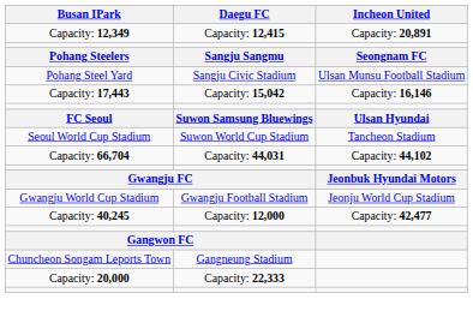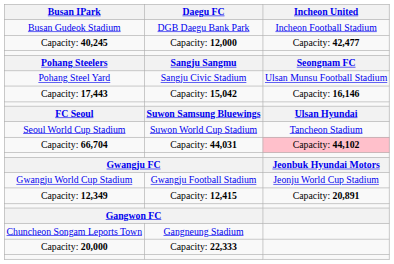 <table class="wikitable" style="text-align:center">
 <tr>
 <th><a href='#'>Busan IPark</a></th>
 <th><a href='#'>Daegu FC</a></th>
 <th><a href='#'>Incheon United</a></th>
 </tr>
 <tr>
-<td>Capacity: <strong>12,349</strong></td>
-<td>Capacity: <strong>12,415</strong></td>
-<td>Capacity: <strong>20,891</strong></td>
+<td><a href='#'>Busan Gudeok Stadium</a></td>
+<td><a href='#'>DGB Daegu Bank Park</a></td>
+<td><a href='#'>Incheon Football Stadium</a></td>
+</tr>
+<tr>
+<td>Capacity: <strong>40,245</strong></td>
+<td>Capacity: <strong>12,000</strong></td>
+<td>Capacity: <strong>42,477</strong></td>
 </tr>
 <tr>
 <td></td>
 <td></td>
 <td></td>
 </tr>
 <tr>
 <th><a href='#'>Pohang Steelers</a></th>
 <th><a href='#'>Sangju Sangmu</a></th>
 <th><a href='#'>Seongnam FC</a></th>
 </tr>
 <tr>
 <td><a href='#'>Pohang Steel Yard</a></td>
 <td><a href='#'>Sangju Civic Stadium</a></td>
 <td><a href='#'>Ulsan Munsu Football Stadium</a></td>
 </tr>
 <tr>
 <td>Capacity: <strong>17,443</strong></td>
 <td>Capacity: <strong>15,042</strong></td>
 <td>Capacity: <strong>16,146</strong></td>
 </tr>
 <tr>
 <td></td>
 <td></td>
 <td></td>
 </tr>
 <tr>
 <th><a href='#'>FC Seoul</a></th>
 <th><a href='#'>Suwon Samsung Bluewings</a></th>
 <th><a href='#'>Ulsan Hyundai</a></th>
 </tr>
 <tr>
 <td><a href='#'>Seoul World Cup Stadium</a></td>
 <td><a href='#'>Suwon World Cup Stadium</a></td>
 <td><a href='#'>Tancheon Stadium</a></td>
 </tr>
 <tr>
 <td>Capacity: <strong>66,704</strong></td>
 <td>Capacity: <strong>44,031</strong></td>
-<td>Capacity: <strong>44,102</strong></td>
+<td style="background: pink;">Capacity: <strong>44,102</strong></td>
 </tr>
 <tr>
 <td></td>
 <td></td>
 <td></td>
 </tr>
 <tr>
 <th colspan="2'"><a href='#'>Gwangju FC</a></th>
 <th><a href='#'>Jeonbuk Hyundai Motors</a></th>
 </tr>
 <tr>
 <td><a href='#'>Gwangju World Cup Stadium</a></td>
 <td><a href='#'>Gwangju Football Stadium</a></td>
 <td><a href='#'>Jeonju World Cup Stadium</a></td>
 </tr>
 <tr>
-<td>Capacity: <strong>40,245</strong></td>
-<td>Capacity: <strong>12,000</strong></td>
-<td>Capacity: <strong>42,477</strong></td>
+<td>Capacity: <strong>12,349</strong></td>
+<td>Capacity: <strong>12,415</strong></td>
+<td>Capacity: <strong>20,891</strong></td>
 </tr>
 <tr>
 <td></td>
 <td></td>
 <td></td>
 </tr>
 <tr>
 <th colspan="2"><a href='#'>Gangwon FC</a></th>
 <th></th>
 </tr>
 <tr>
 <td><a href='#'>Chuncheon Songam Leports Town</a></td>
 <td><a href='#'>Gangneung Stadium</a></td>
 <td></td>
 </tr>
 <tr>
 <td>Capacity: <strong>20,000</strong></td>
 <td>Capacity: <strong>22,333</strong></td>
 <td></td>
 </tr>
 <tr>
 <td></td>
 <td></td>
 <td></td>
 </tr>
 </table>
